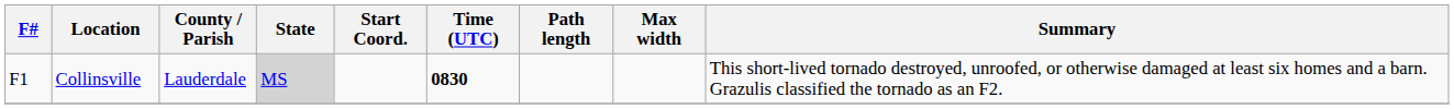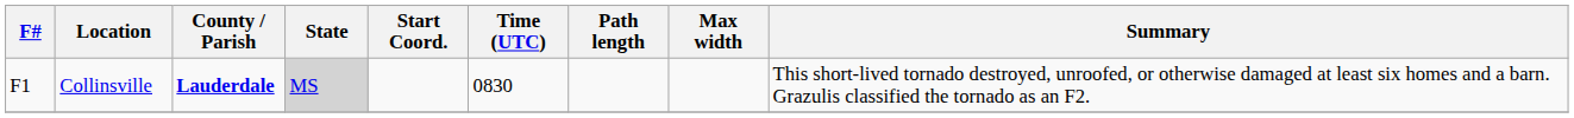 <table class="wikitable sortable" style="width:100%;">
 <tr>
 <th scope="col" style="width:3%; text-align:center;"><a href='#'>F#</a></th>
 <th scope="col" style="width:7%; text-align:center;" class="unsortable">Location</th>
 <th scope="col" style="width:6%; text-align:center;" class="unsortable">County / Parish</th>
 <th scope="col" style="width:5%; text-align:center;">State</th>
 <th scope="col" style="width:6%; text-align:center;">Start Coord.</th>
 <th scope="col" style="width:6%; text-align:center;">Time (<a href='#'>UTC</a>)</th>
 <th scope="col" style="width:6%; text-align:center;">Path length</th>
 <th scope="col" style="width:6%; text-align:center;">Max width</th>
 <th scope="col" class="unsortable" style="width:48%; text-align:center;">Summary</th>
 </tr>
 <tr>
 <td bgcolor=>F1</td>
 <td><a href='#'>Collinsville</a></td>
-<td><a href='#'>Lauderdale</a></td>
+<td><strong><a href='#'>Lauderdale</a></strong></td>
 <td style="background: lightgrey;"><a href='#'>MS</a></td>
 <td></td>
-<td><strong>0830</strong></td>
+<td>0830</td>
 <td></td>
 <td></td>
 <td>This short-lived tornado destroyed, unroofed, or otherwise damaged at least six homes and a barn. Grazulis classified the tornado as an F2.</td>
 </tr>
 <tr>
 </tr>
 </table>
